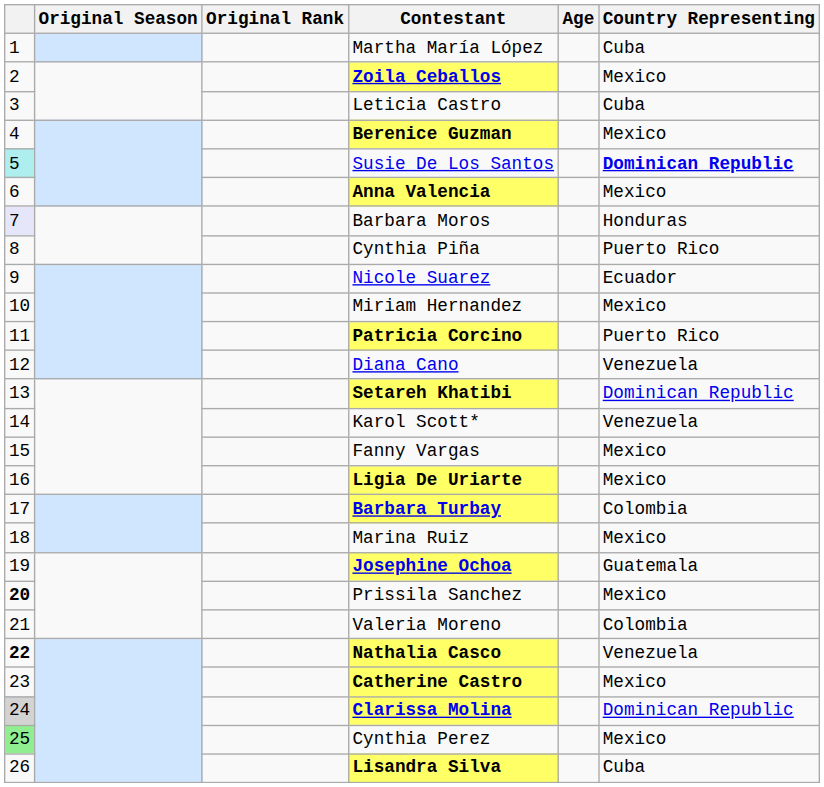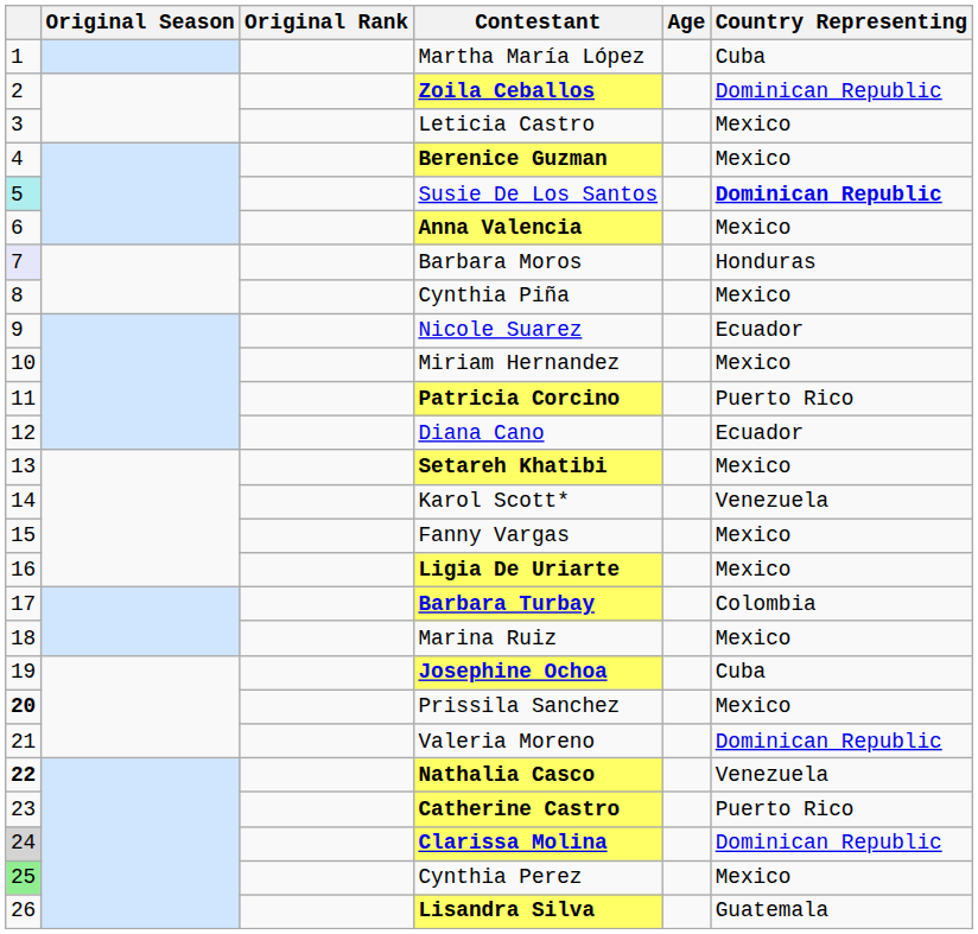 <table class="wikitable">
 <tr>
 <th></th>
 <th>Original Season</th>
 <th>Original Rank</th>
 <th>Contestant</th>
 <th>Age</th>
 <th>Country Representing</th>
 </tr>
 <tr>
 <td>1</td>
 <td rowspan="1" style="background: #D0E6FF;"></td>
 <td></td>
 <td>Martha María López</td>
 <td></td>
 <td> Cuba</td>
 </tr>
 <tr>
 <td>2</td>
 <td rowspan="2"></td>
 <td></td>
 <td style="background:#FFFF66"><strong><a href='#'>Zoila Ceballos</a></strong></td>
 <td></td>
-<td> Mexico</td>
+<td> <a href='#'>Dominican Republic</a></td>
 </tr>
 <tr>
 <td>3</td>
 <td></td>
 <td>Leticia Castro</td>
 <td></td>
-<td> Cuba</td>
+<td> Mexico</td>
 </tr>
 <tr>
 <td>4</td>
 <td rowspan="3" style="background: #D0E6FF;"></td>
 <td></td>
 <td style="background:#FFFF66"><strong>Berenice Guzman</strong></td>
 <td></td>
 <td> Mexico</td>
 </tr>
 <tr>
 <td style="background: paleturquoise;">5</td>
 <td></td>
 <td><a href='#'>Susie De Los Santos</a></td>
 <td></td>
 <td><strong> <a href='#'>Dominican Republic</a></strong></td>
 </tr>
 <tr>
 <td>6</td>
 <td></td>
 <td style="background:#FFFF66"><strong>Anna Valencia</strong></td>
 <td></td>
 <td> Mexico</td>
 </tr>
 <tr>
 <td style="background: lavender;">7</td>
 <td rowspan="2"></td>
 <td></td>
 <td>Barbara Moros </td>
 <td></td>
 <td> Honduras</td>
 </tr>
 <tr>
 <td>8</td>
 <td></td>
 <td>Cynthia Piña </td>
 <td></td>
-<td> Puerto Rico</td>
+<td>  Mexico</td>
 </tr>
 <tr>
 <td>9</td>
 <td rowspan="4"  style="background: #D0E6FF;"></td>
 <td></td>
 <td><a href='#'>Nicole Suarez</a></td>
 <td></td>
 <td> Ecuador</td>
 </tr>
 <tr>
 <td>10</td>
 <td></td>
 <td>Miriam Hernandez</td>
 <td></td>
 <td> Mexico</td>
 </tr>
 <tr>
 <td>11</td>
 <td></td>
 <td style="background:#FFFF66"><strong>Patricia Corcino</strong></td>
 <td></td>
 <td> Puerto Rico</td>
 </tr>
 <tr>
 <td>12</td>
 <td></td>
 <td><a href='#'>Diana Cano</a></td>
 <td></td>
-<td>  Venezuela</td>
+<td> Ecuador</td>
 </tr>
 <tr>
 <td>13</td>
 <td rowspan="4"></td>
 <td></td>
 <td style="background:#FFFF66"><strong>Setareh Khatibi</strong></td>
 <td></td>
-<td> <a href='#'>Dominican Republic</a></td>
+<td> Mexico</td>
 </tr>
 <tr>
 <td>14</td>
 <td></td>
 <td>Karol Scott*</td>
 <td></td>
 <td>  Venezuela</td>
 </tr>
 <tr>
 <td>15</td>
 <td></td>
 <td>Fanny Vargas</td>
 <td></td>
 <td> Mexico</td>
 </tr>
 <tr>
 <td>16</td>
 <td></td>
 <td style="background:#FFFF66"><strong>Ligia De Uriarte</strong></td>
 <td></td>
 <td> Mexico</td>
 </tr>
 <tr>
 <td>17</td>
 <td rowspan="2" style="background: #D0E6FF;"></td>
 <td></td>
 <td style="background:#FFFF66"><strong><a href='#'>Barbara Turbay</a></strong></td>
 <td></td>
 <td> Colombia</td>
 </tr>
 <tr>
 <td>18</td>
 <td></td>
 <td>Marina Ruiz</td>
 <td></td>
 <td> Mexico</td>
 </tr>
 <tr>
 <td>19</td>
 <td rowspan="3"></td>
 <td></td>
 <td style="background:#FFFF66"><strong><a href='#'>Josephine Ochoa</a></strong></td>
 <td></td>
-<td> Guatemala</td>
+<td> Cuba</td>
 </tr>
 <tr>
 <td><strong>20</strong></td>
 <td></td>
 <td>Prissila Sanchez</td>
 <td></td>
 <td> Mexico</td>
 </tr>
 <tr>
 <td>21</td>
 <td></td>
 <td>Valeria Moreno</td>
 <td></td>
-<td> Colombia</td>
+<td> <a href='#'>Dominican Republic</a></td>
 </tr>
 <tr>
 <td><strong>22</strong></td>
 <td rowspan="5" style="background: #D0E6FF;"></td>
 <td></td>
 <td style="background:#FFFF66"><strong>Nathalia Casco</strong></td>
 <td></td>
 <td>  Venezuela</td>
 </tr>
 <tr>
 <td>23</td>
 <td></td>
 <td style="background:#FFFF66"><strong>Catherine Castro</strong></td>
 <td></td>
-<td>  Mexico</td>
+<td> Puerto Rico</td>
 </tr>
 <tr>
 <td style="background: lightgrey;">24</td>
 <td></td>
 <td style="background:#FFFF66"><strong><a href='#'>Clarissa Molina</a></strong></td>
 <td></td>
 <td> <a href='#'>Dominican Republic</a></td>
 </tr>
 <tr>
 <td style="background: lightgreen;">25</td>
 <td></td>
 <td>Cynthia Perez</td>
 <td></td>
 <td> Mexico</td>
 </tr>
 <tr>
 <td>26</td>
 <td></td>
 <td style="background:#FFFF66"><strong>Lisandra Silva</strong></td>
 <td></td>
-<td> Cuba</td>
+<td> Guatemala</td>
 </tr>
 <tr>
 </tr>
 </table>
